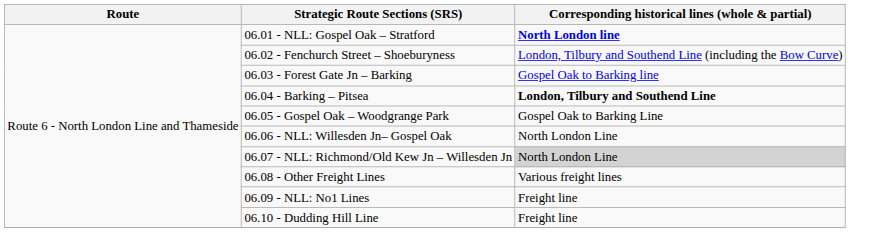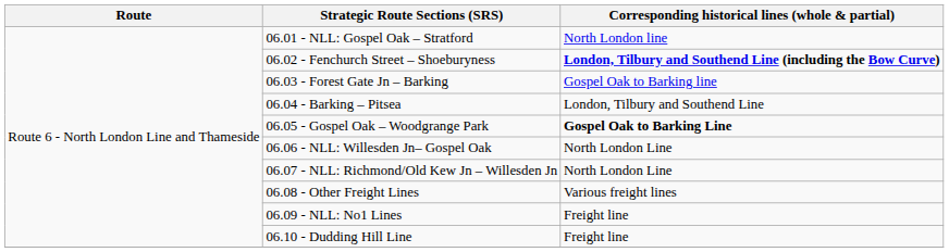 <table class="wikitable">
 <tr>
 <th>Route</th>
 <th>Strategic Route Sections (SRS)</th>
 <th>Corresponding historical lines (whole & partial)</th>
 </tr>
 <tr>
 <td rowspan="10">Route 6 - North London Line and Thameside</td>
 <td>06.01 - NLL: Gospel Oak – Stratford</td>
-<td><strong><a href='#'>North London line</a></strong></td>
+<td><a href='#'>North London line</a></td>
 </tr>
 <tr>
 <td>06.02 - Fenchurch Street – Shoeburyness</td>
-<td><a href='#'>London, Tilbury and Southend Line</a> (including the <a href='#'>Bow Curve</a>)</td>
+<td><strong><a href='#'>London, Tilbury and Southend Line</a> (including the <a href='#'>Bow Curve</a>)</strong></td>
 </tr>
 <tr>
 <td>06.03 - Forest Gate Jn – Barking</td>
 <td><a href='#'>Gospel Oak to Barking line</a></td>
 </tr>
 <tr>
 <td>06.04 - Barking – Pitsea</td>
-<td><strong>London, Tilbury and Southend Line</strong></td>
+<td>London, Tilbury and Southend Line</td>
 </tr>
 <tr>
 <td>06.05 - Gospel Oak – Woodgrange Park</td>
-<td>Gospel Oak to Barking Line</td>
+<td><strong>Gospel Oak to Barking Line</strong></td>
 </tr>
 <tr>
 <td>06.06 - NLL: Willesden Jn– Gospel Oak</td>
 <td>North London Line</td>
 </tr>
 <tr>
 <td>06.07 - NLL: Richmond/Old Kew Jn – Willesden Jn</td>
-<td style="background: lightgrey;">North London Line</td>
+<td>North London Line</td>
 </tr>
 <tr>
 <td>06.08 - Other Freight Lines</td>
 <td>Various freight lines</td>
 </tr>
 <tr>
 <td>06.09 - NLL: No1 Lines</td>
 <td>Freight line</td>
 </tr>
 <tr>
 <td>06.10 - Dudding Hill Line</td>
 <td>Freight line</td>
 </tr>
 <tr>
 </tr>
 </table>
